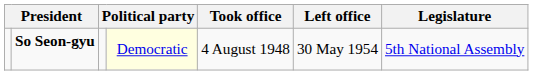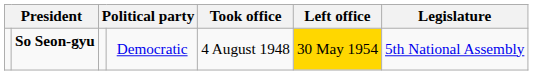 <table class="wikitable" style="text-align:center; border:1px #AAAAFF solid">
 <tr>
 <th colspan="2" width="0" align="center">President</th>
 <th colspan="2" width="0" align="center">Political party</th>
 <th width="0" align="center">Took office</th>
 <th>Left office</th>
 <th>Legislature</th>
 </tr>
 <tr>
 <td></td>
 <td><strong>So Seon-gyu</strong><br><br></td>
 <td style="background:"></td>
-<td style="background: lightyellow;"><a href='#'>Democratic</a></td>
+<td><a href='#'>Democratic</a></td>
 <td>4 August 1948</td>
-<td>30 May 1954</td>
+<td style="background: gold;">30 May 1954</td>
 <td><a href='#'>5th National Assembly</a></td>
 </tr>
 </table>
